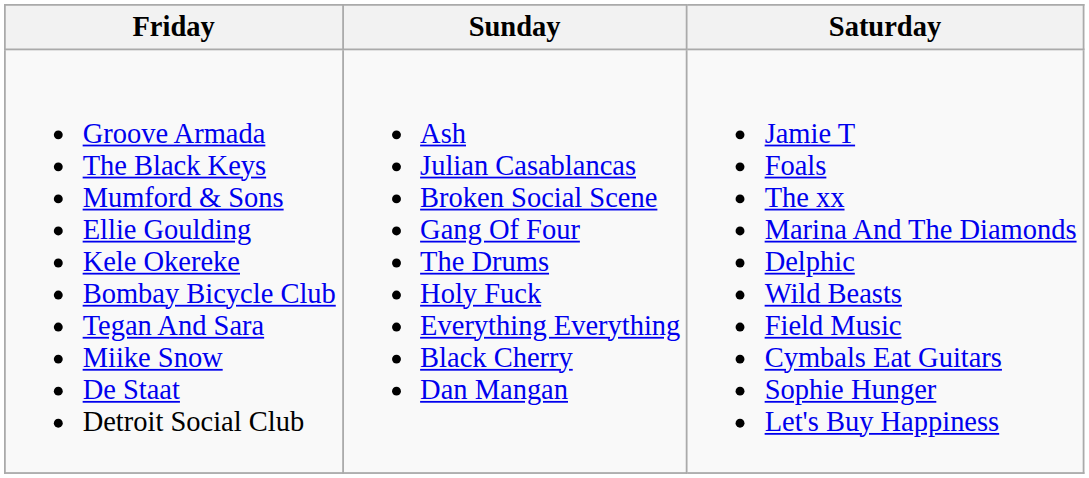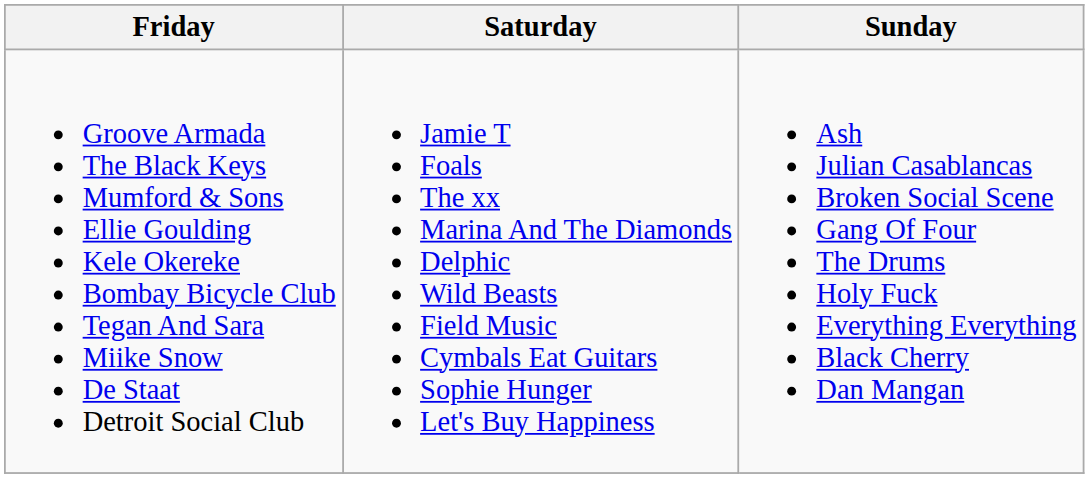 <table class="wikitable">
 <tr>
 <th>Friday</th>
+<th>Saturday</th>
 <th>Sunday</th>
-<th>Saturday</th>
 </tr>
 <tr valign="top">
 <td><br><ul><li><a href='#'>Groove Armada</a></li><li><a href='#'>The Black Keys</a></li><li><a href='#'>Mumford & Sons</a></li><li><a href='#'>Ellie Goulding</a></li><li><a href='#'>Kele Okereke</a></li><li><a href='#'>Bombay Bicycle Club</a></li><li><a href='#'>Tegan And Sara</a></li><li><a href='#'>Miike Snow</a></li><li><a href='#'>De Staat</a></li><li>Detroit Social Club</li></ul></td>
+<td><br><ul><li><a href='#'>Jamie T</a></li><li><a href='#'>Foals</a></li><li><a href='#'>The xx</a></li><li><a href='#'>Marina And The Diamonds</a></li><li><a href='#'>Delphic</a></li><li><a href='#'>Wild Beasts</a></li><li><a href='#'>Field Music</a></li><li><a href='#'>Cymbals Eat Guitars</a></li><li><a href='#'>Sophie Hunger</a></li><li><a href='#'>Let's Buy Happiness</a></li></ul></td>
 <td><br><ul><li><a href='#'>Ash</a></li><li><a href='#'>Julian Casablancas</a></li><li><a href='#'>Broken Social Scene</a></li><li><a href='#'>Gang Of Four</a></li><li><a href='#'>The Drums</a></li><li><a href='#'>Holy Fuck</a></li><li><a href='#'>Everything Everything</a></li><li><a href='#'>Black Cherry</a></li><li><a href='#'>Dan Mangan</a></li></ul></td>
-<td><br><ul><li><a href='#'>Jamie T</a></li><li><a href='#'>Foals</a></li><li><a href='#'>The xx</a></li><li><a href='#'>Marina And The Diamonds</a></li><li><a href='#'>Delphic</a></li><li><a href='#'>Wild Beasts</a></li><li><a href='#'>Field Music</a></li><li><a href='#'>Cymbals Eat Guitars</a></li><li><a href='#'>Sophie Hunger</a></li><li><a href='#'>Let's Buy Happiness</a></li></ul></td>
 </tr>
 </table>
